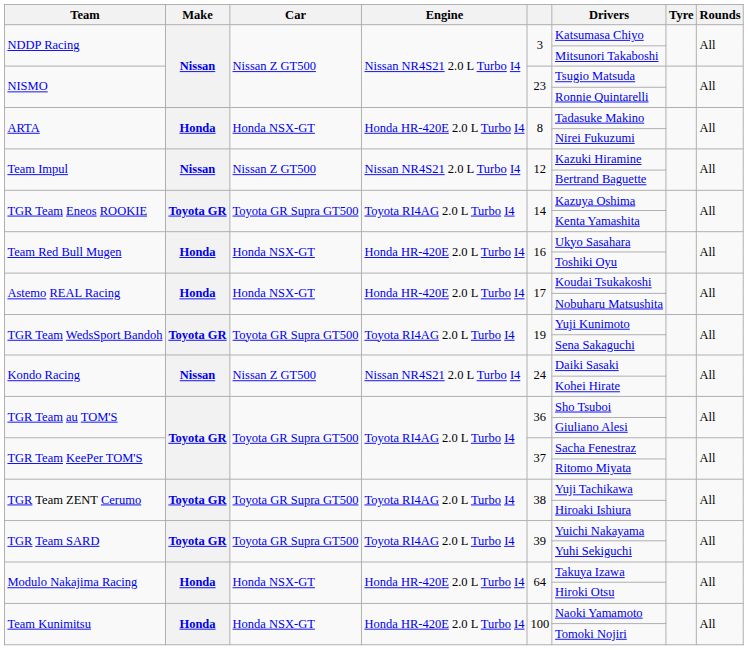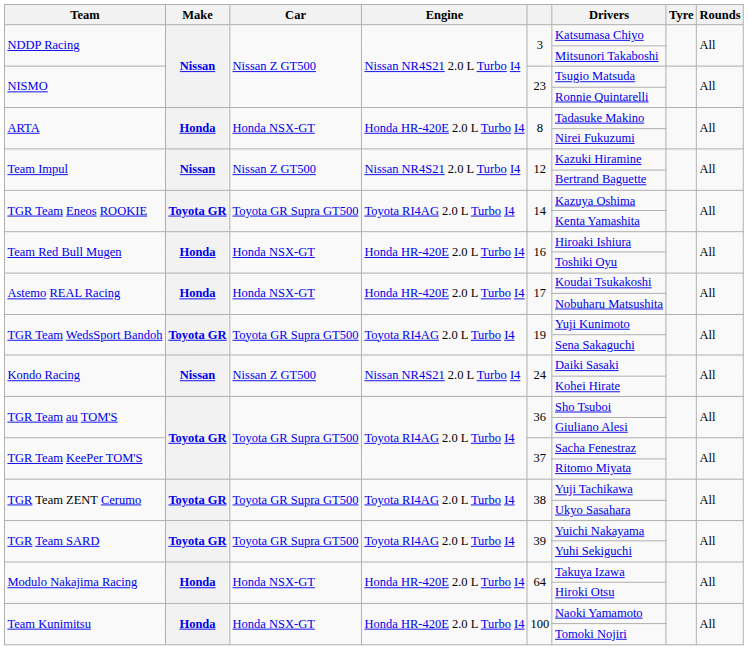 <table class="wikitable" style="font-size: 85%">
 <tr>
 <th>Team</th>
 <th>Make</th>
 <th>Car</th>
 <th>Engine</th>
 <th></th>
 <th>Drivers</th>
 <th>Tyre</th>
 <th>Rounds</th>
 </tr>
 <tr>
 <td rowspan=2><a href='#'>NDDP Racing</a></td>
 <th rowspan=4><a href='#'>Nissan</a></th>
 <td rowspan=4><a href='#'>Nissan Z GT500</a></td>
 <td rowspan=4><a href='#'>Nissan NR4S21</a> 2.0 L <a href='#'>Turbo</a> <a href='#'>I4</a></td>
 <td align="center" rowspan=2>3</td>
 <td> <a href='#'>Katsumasa Chiyo</a></td>
 <td rowspan=2 align=center></td>
 <td rowspan="2">All</td>
 </tr>
 <tr>
 <td> <a href='#'>Mitsunori Takaboshi</a></td>
 </tr>
 <tr>
 <td rowspan=2><a href='#'>NISMO</a></td>
 <td align="center" rowspan=2>23</td>
 <td> <a href='#'>Tsugio Matsuda</a></td>
 <td rowspan=2 align=center></td>
 <td rowspan="2">All</td>
 </tr>
 <tr>
 <td> <a href='#'>Ronnie Quintarelli</a></td>
 </tr>
 <tr>
 <td rowspan=2><a href='#'>ARTA</a></td>
 <th rowspan=2><a href='#'>Honda</a></th>
 <td rowspan=2><a href='#'>Honda NSX-GT</a></td>
 <td rowspan=2><a href='#'>Honda HR-420E</a> 2.0 L <a href='#'>Turbo</a> <a href='#'>I4</a></td>
 <td align="center" rowspan=2>8</td>
 <td> <a href='#'>Tadasuke Makino</a></td>
 <td rowspan=2 align=center></td>
 <td rowspan="2">All</td>
 </tr>
 <tr>
 <td> <a href='#'>Nirei Fukuzumi</a></td>
 </tr>
 <tr>
 <td rowspan=2><a href='#'>Team Impul</a></td>
 <th rowspan=2><a href='#'>Nissan</a></th>
 <td rowspan=2><a href='#'>Nissan Z GT500</a></td>
 <td rowspan=2><a href='#'>Nissan NR4S21</a> 2.0 L <a href='#'>Turbo</a> <a href='#'>I4</a></td>
 <td align="center" rowspan=2>12</td>
 <td> <a href='#'>Kazuki Hiramine</a></td>
 <td rowspan=2 align=center></td>
 <td rowspan="2">All</td>
 </tr>
 <tr>
 <td> <a href='#'>Bertrand Baguette</a></td>
 </tr>
 <tr>
 <td rowspan=2><a href='#'>TGR Team</a> <a href='#'>Eneos</a> <a href='#'>ROOKIE</a></td>
 <th rowspan=2><a href='#'>Toyota GR</a></th>
 <td rowspan=2><a href='#'>Toyota GR Supra GT500</a></td>
 <td rowspan=2><a href='#'>Toyota RI4AG</a> 2.0 L <a href='#'>Turbo</a> <a href='#'>I4</a></td>
 <td align="center" rowspan=2>14</td>
 <td> <a href='#'>Kazuya Oshima</a></td>
 <td rowspan=2 align=center></td>
 <td rowspan="2">All</td>
 </tr>
 <tr>
 <td> <a href='#'>Kenta Yamashita</a></td>
 </tr>
 <tr>
 <td rowspan=2><a href='#'>Team Red Bull Mugen</a></td>
 <th rowspan=2><a href='#'>Honda</a></th>
 <td rowspan=2><a href='#'>Honda NSX-GT</a></td>
 <td rowspan=2><a href='#'>Honda HR-420E</a> 2.0 L <a href='#'>Turbo</a> <a href='#'>I4</a></td>
 <td align="center" rowspan=2>16</td>
-<td> <a href='#'>Ukyo Sasahara</a></td>
+<td> <a href='#'>Hiroaki Ishiura</a></td>
 <td rowspan=2 align=center></td>
 <td rowspan="2">All</td>
 </tr>
 <tr>
 <td> <a href='#'>Toshiki Oyu</a></td>
 </tr>
 <tr>
 <td rowspan=2><a href='#'>Astemo</a> <a href='#'>REAL Racing</a></td>
 <th rowspan=2><a href='#'>Honda</a></th>
 <td rowspan=2><a href='#'>Honda NSX-GT</a></td>
 <td rowspan=2><a href='#'>Honda HR-420E</a> 2.0 L <a href='#'>Turbo</a> <a href='#'>I4</a></td>
 <td align="center" rowspan=2>17</td>
 <td> <a href='#'>Koudai Tsukakoshi</a></td>
 <td rowspan=2 align=center></td>
 <td rowspan="2">All</td>
 </tr>
 <tr>
 <td> <a href='#'>Nobuharu Matsushita</a></td>
 </tr>
 <tr>
 <td rowspan=2><a href='#'>TGR Team</a> <a href='#'>WedsSport Bandoh</a></td>
 <th rowspan=2><a href='#'>Toyota GR</a></th>
 <td rowspan=2><a href='#'>Toyota GR Supra GT500</a></td>
 <td rowspan=2><a href='#'>Toyota RI4AG</a> 2.0 L <a href='#'>Turbo</a> <a href='#'>I4</a></td>
 <td align="center" rowspan=2>19</td>
 <td> <a href='#'>Yuji Kunimoto</a></td>
 <td rowspan=2 align=center></td>
 <td rowspan="2">All</td>
 </tr>
 <tr>
 <td> <a href='#'>Sena Sakaguchi</a></td>
 </tr>
 <tr>
 <td rowspan=2><a href='#'>Kondo Racing</a></td>
 <th rowspan=2><a href='#'>Nissan</a></th>
 <td rowspan=2><a href='#'>Nissan Z GT500</a></td>
 <td rowspan=2><a href='#'>Nissan NR4S21</a> 2.0 L <a href='#'>Turbo</a> <a href='#'>I4</a></td>
 <td align="center" rowspan=2>24</td>
 <td> <a href='#'>Daiki Sasaki</a></td>
 <td rowspan=2 align=center></td>
 <td rowspan="2">All</td>
 </tr>
 <tr>
 <td> <a href='#'>Kohei Hirate</a></td>
 </tr>
 <tr>
 <td rowspan=2><a href='#'>TGR Team</a> <a href='#'>au</a> <a href='#'>TOM'S</a></td>
 <th rowspan="4"><a href='#'>Toyota GR</a></th>
 <td rowspan=4><a href='#'>Toyota GR Supra GT500</a></td>
 <td rowspan=4><a href='#'>Toyota RI4AG</a> 2.0 L <a href='#'>Turbo</a> <a href='#'>I4</a></td>
 <td align="center" rowspan="2">36</td>
 <td> <a href='#'>Sho Tsuboi</a></td>
 <td rowspan="2" align="center"></td>
 <td rowspan="2">All</td>
 </tr>
 <tr>
 <td> <a href='#'>Giuliano Alesi</a></td>
 </tr>
 <tr>
 <td rowspan=2><a href='#'>TGR Team</a> <a href='#'>KeePer TOM'S</a></td>
 <td align="center" rowspan="2">37</td>
 <td> <a href='#'>Sacha Fenestraz</a></td>
 <td rowspan="2" align="center"></td>
 <td rowspan="2">All</td>
 </tr>
 <tr>
 <td> <a href='#'>Ritomo Miyata</a></td>
 </tr>
 <tr>
 <td rowspan=2><a href='#'>TGR</a> Team ZENT <a href='#'>Cerumo</a></td>
 <th rowspan=2><a href='#'>Toyota GR</a></th>
 <td rowspan=2><a href='#'>Toyota GR Supra GT500</a></td>
 <td rowspan=2><a href='#'>Toyota RI4AG</a> 2.0 L <a href='#'>Turbo</a> <a href='#'>I4</a></td>
 <td align="center" rowspan=2>38</td>
 <td> <a href='#'>Yuji Tachikawa</a></td>
 <td rowspan=2 align=center></td>
 <td rowspan="2">All</td>
 </tr>
 <tr>
-<td> <a href='#'>Hiroaki Ishiura</a></td>
+<td> <a href='#'>Ukyo Sasahara</a></td>
 </tr>
 <tr>
 <td rowspan=2><a href='#'>TGR</a> <a href='#'>Team SARD</a></td>
 <th rowspan=2><a href='#'>Toyota GR</a></th>
 <td rowspan=2><a href='#'>Toyota GR Supra GT500</a></td>
 <td rowspan=2><a href='#'>Toyota RI4AG</a> 2.0 L <a href='#'>Turbo</a> <a href='#'>I4</a></td>
 <td align="center" rowspan=2>39</td>
 <td> <a href='#'>Yuichi Nakayama</a></td>
 <td rowspan=2 align="center"></td>
 <td rowspan="2">All</td>
 </tr>
 <tr>
 <td> <a href='#'>Yuhi Sekiguchi</a></td>
 </tr>
 <tr>
 <td rowspan=2><a href='#'>Modulo Nakajima Racing</a></td>
 <th rowspan=2><a href='#'>Honda</a></th>
 <td rowspan=2><a href='#'>Honda NSX-GT</a></td>
 <td rowspan=2><a href='#'>Honda HR-420E</a> 2.0 L <a href='#'>Turbo</a> <a href='#'>I4</a></td>
 <td align="center" rowspan=2>64</td>
 <td> <a href='#'>Takuya Izawa</a></td>
 <td rowspan=2 align=center></td>
 <td rowspan="2">All</td>
 </tr>
 <tr>
 <td> <a href='#'>Hiroki Otsu</a></td>
 </tr>
 <tr>
 <td rowspan=2><a href='#'>Team Kunimitsu</a></td>
 <th rowspan=2><a href='#'>Honda</a></th>
 <td rowspan=2><a href='#'>Honda NSX-GT</a></td>
 <td rowspan=2><a href='#'>Honda HR-420E</a> 2.0 L <a href='#'>Turbo</a> <a href='#'>I4</a></td>
 <td align="center" rowspan=2>100</td>
 <td> <a href='#'>Naoki Yamamoto</a></td>
 <td rowspan=2 align=center></td>
 <td rowspan="2">All</td>
 </tr>
 <tr>
 <td> <a href='#'>Tomoki Nojiri</a></td>
 </tr>
 </table>
